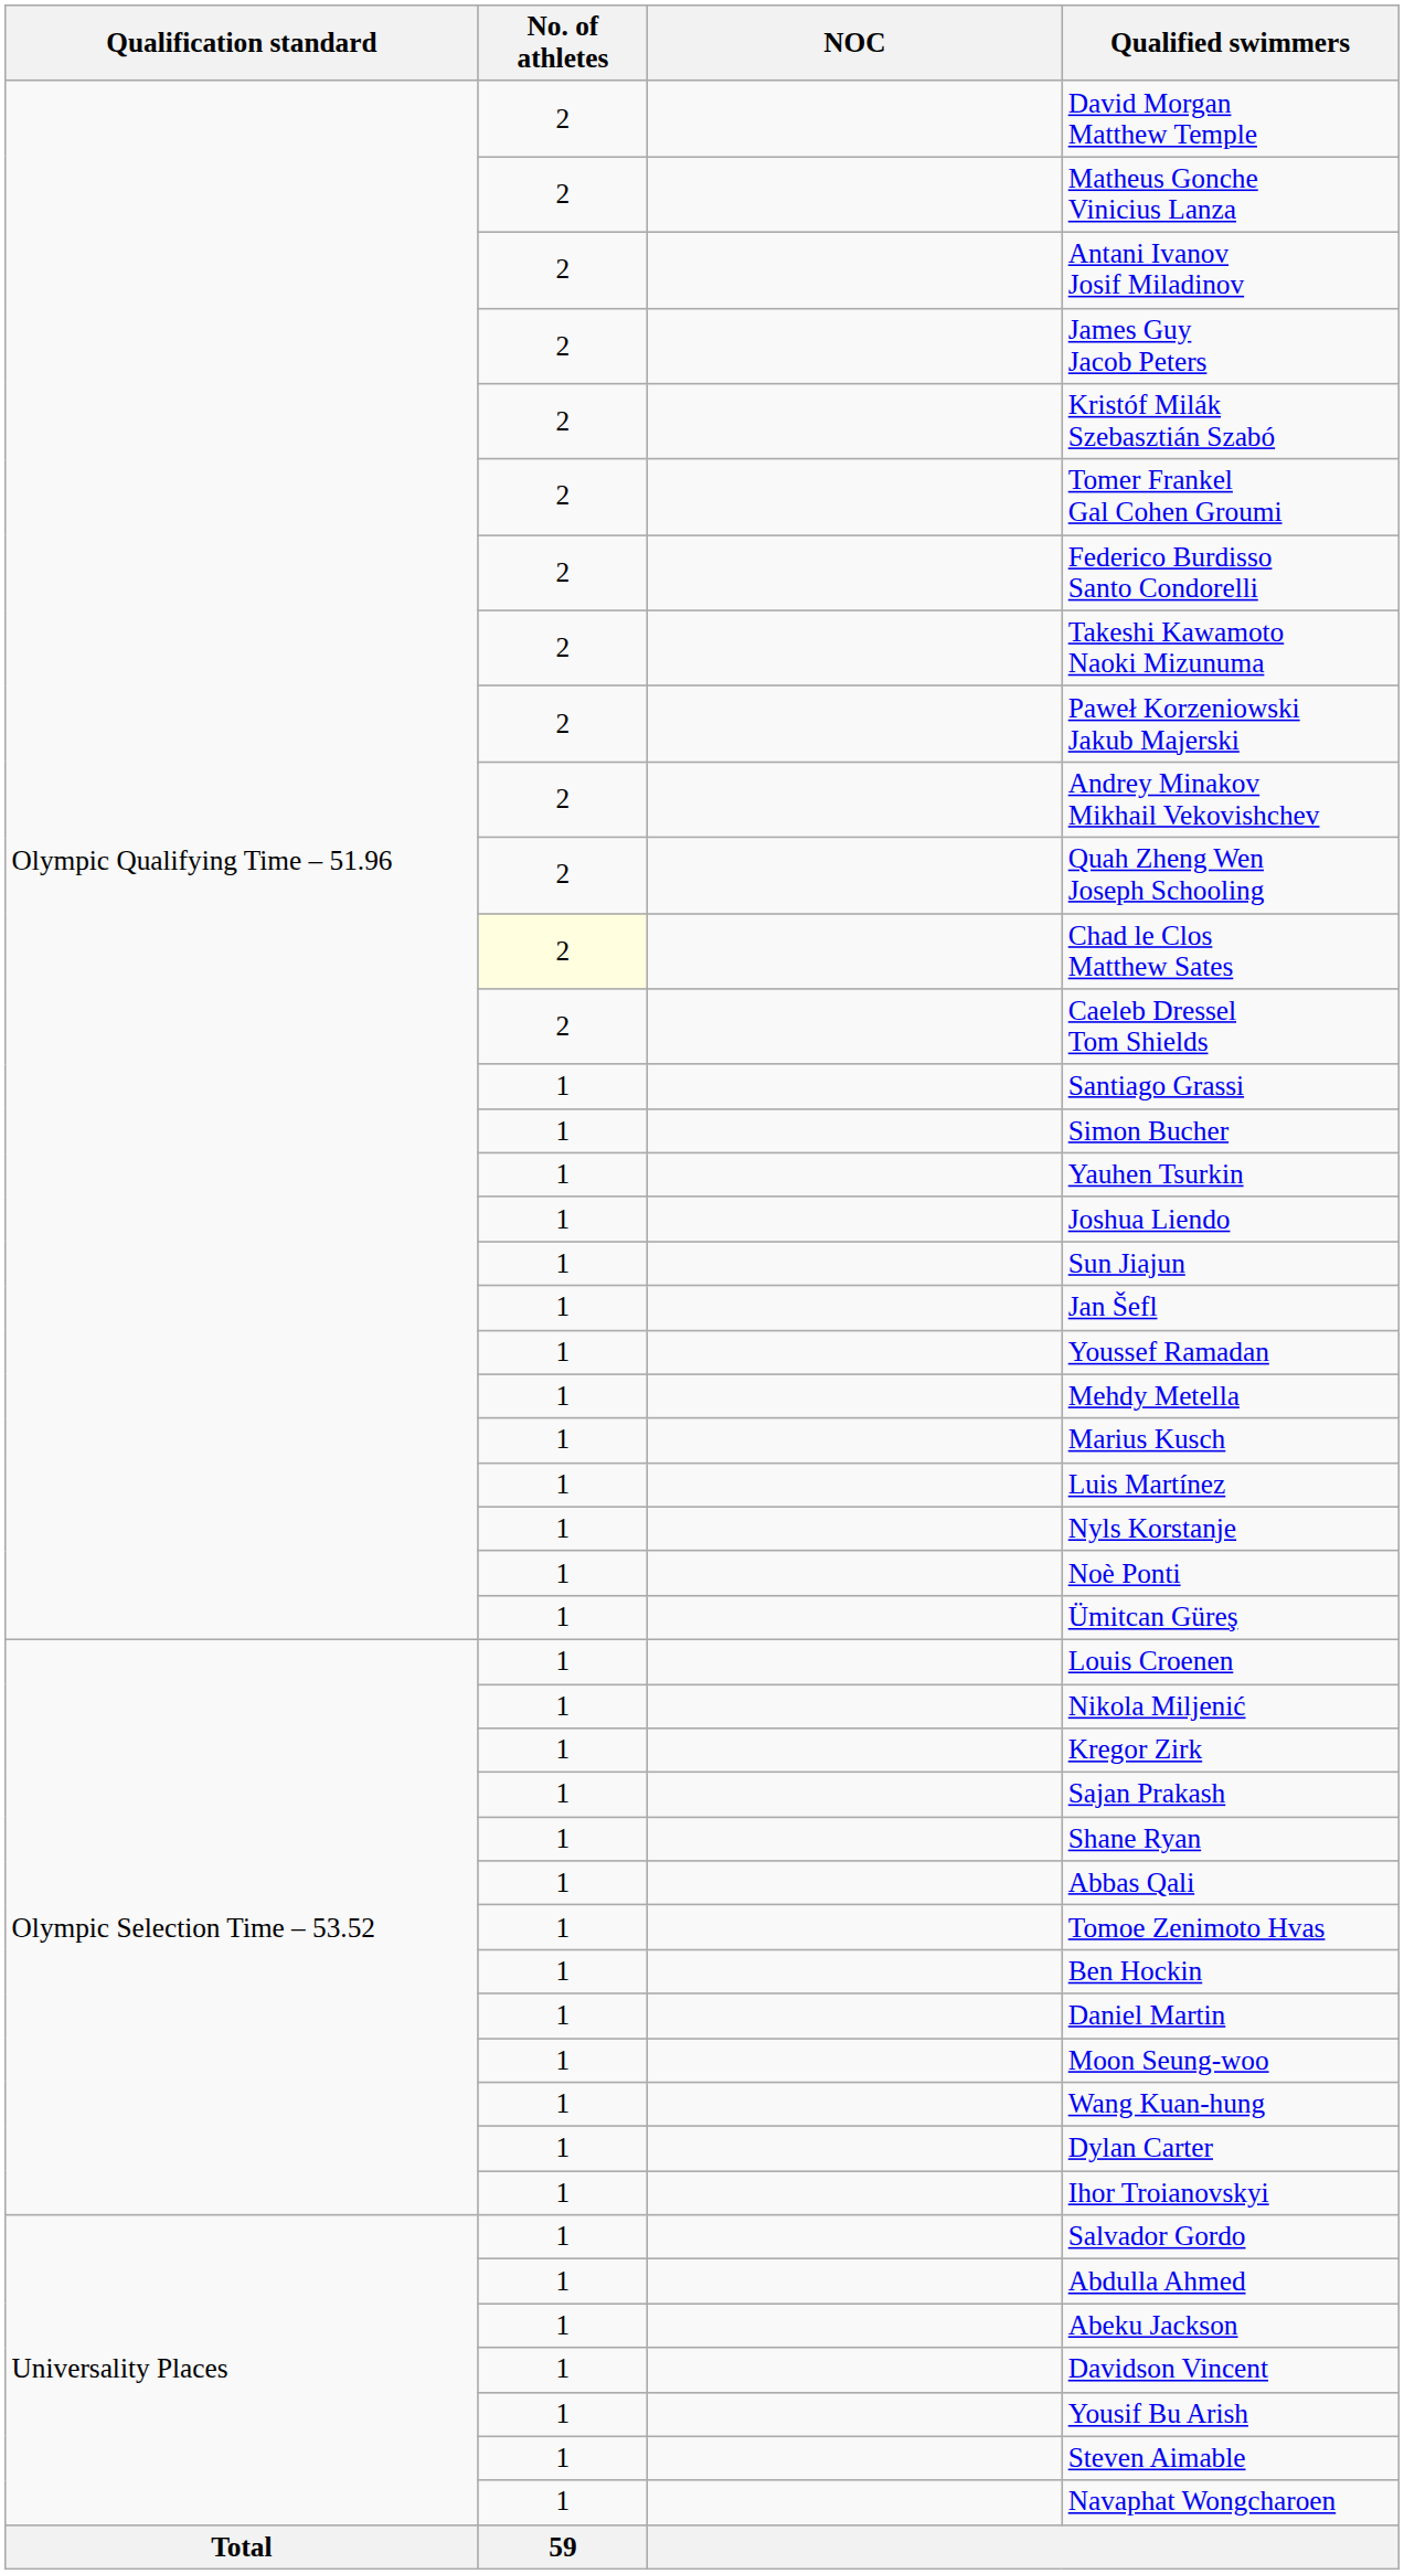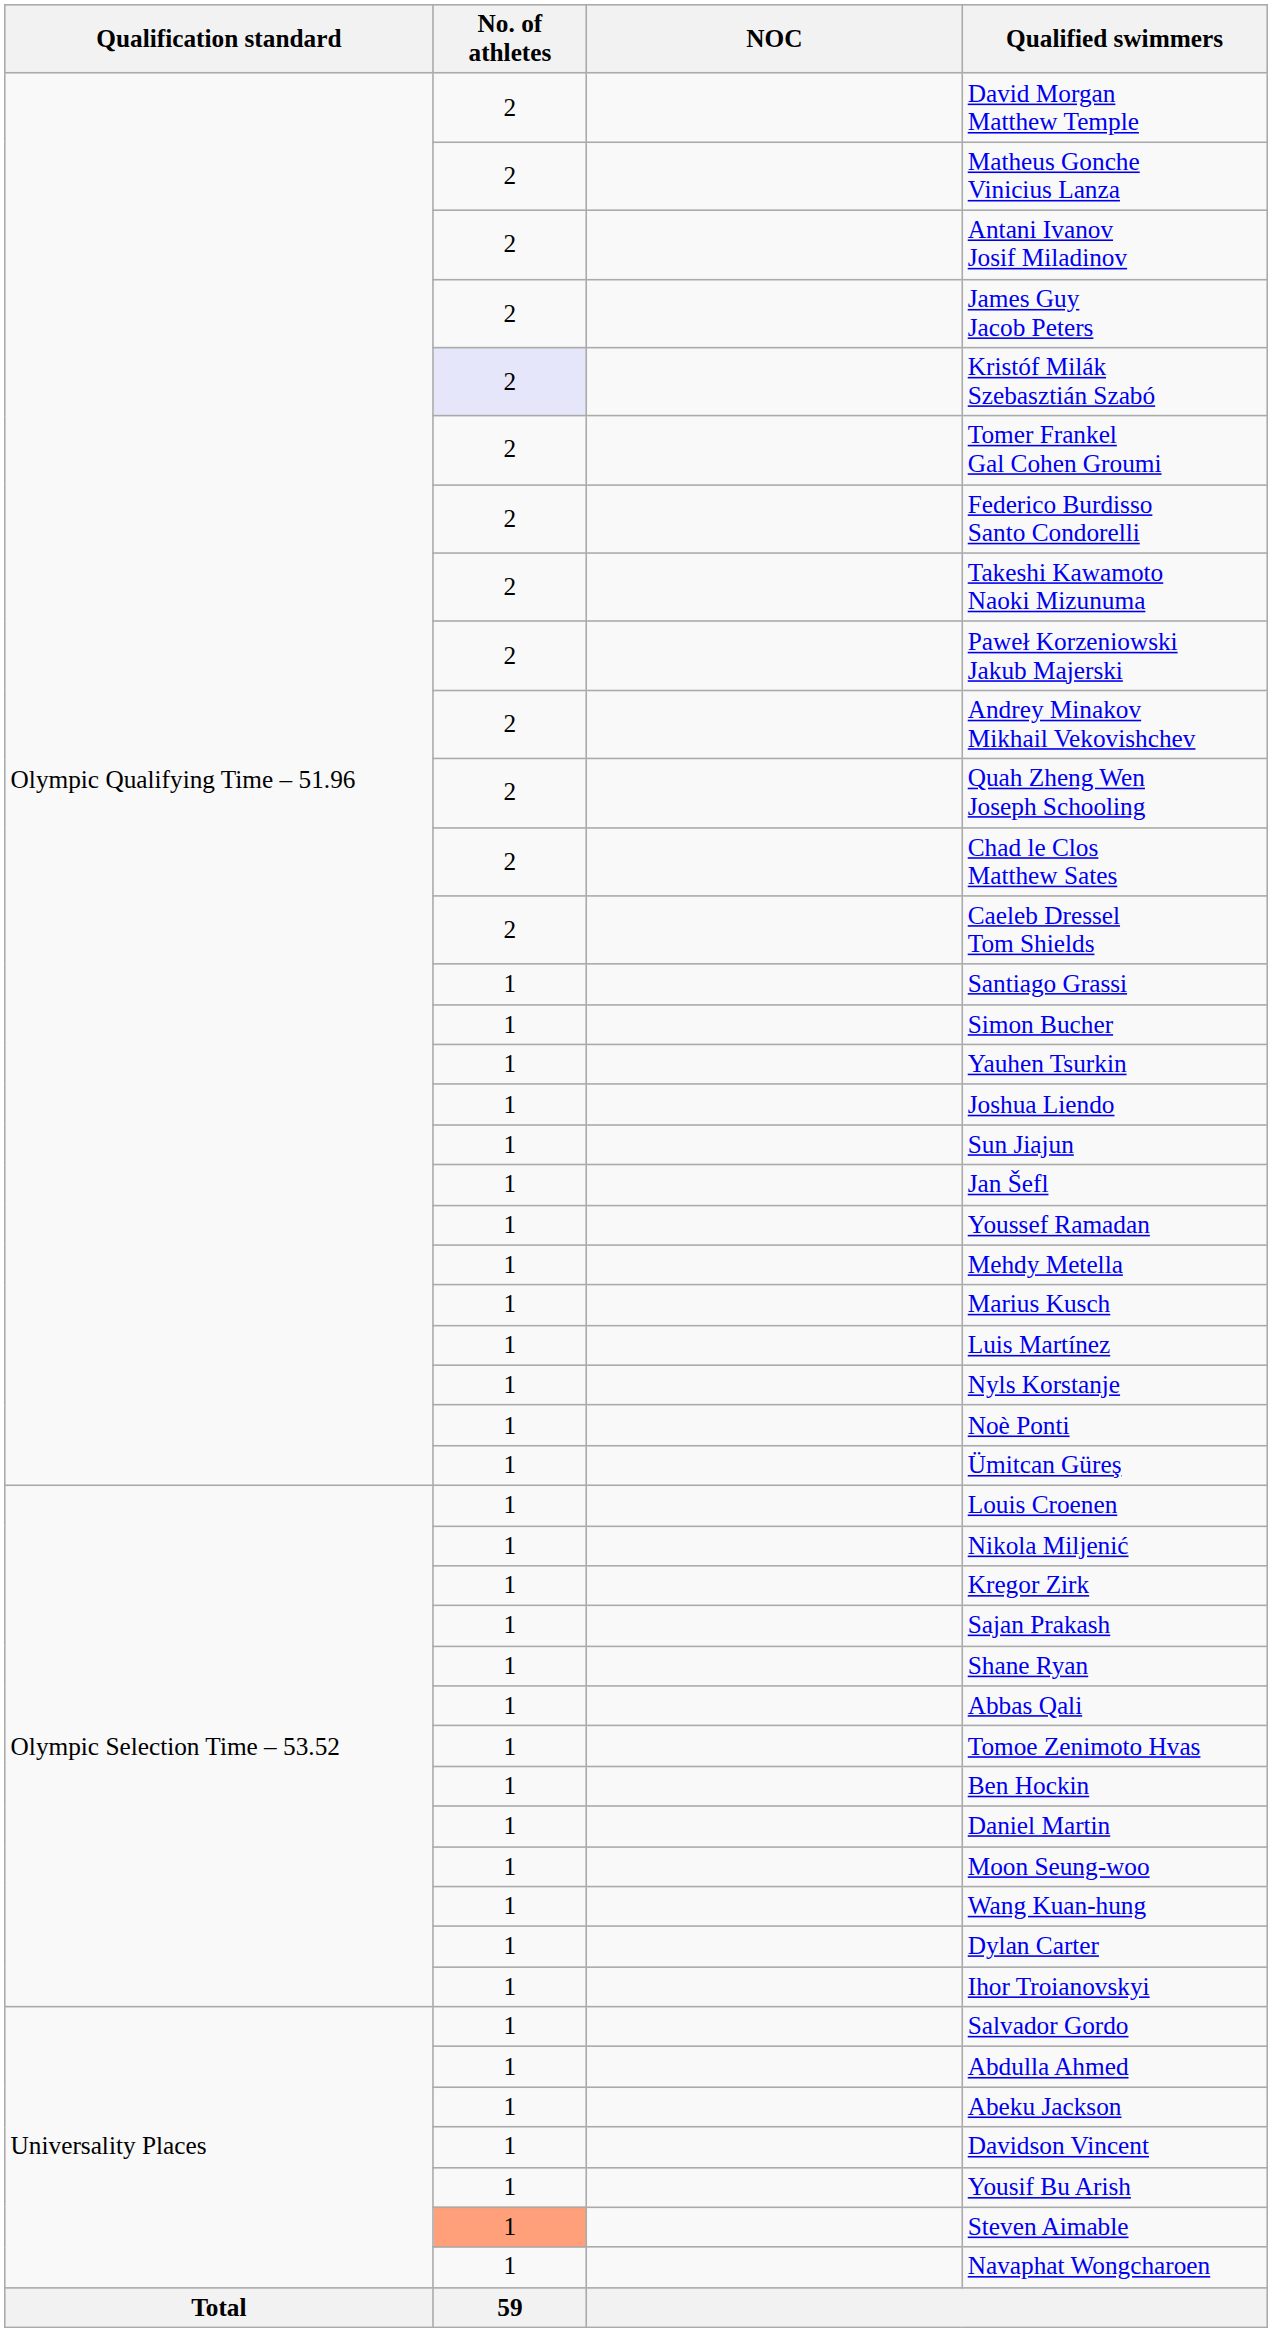 <table class=wikitable style="text-align:left" width=800>
 <tr>
 <th>Qualification standard</th>
 <th width=90>No. of athletes</th>
 <th width=230>NOC</th>
 <th>Qualified swimmers</th>
 </tr>
 <tr>
 <td rowspan=26>Olympic Qualifying Time – 51.96</td>
 <td align=center>2</td>
 <td></td>
 <td><a href='#'>David Morgan</a><br><a href='#'>Matthew Temple</a></td>
 </tr>
 <tr>
 <td align="center">2</td>
 <td></td>
 <td><a href='#'>Matheus Gonche</a><br><a href='#'>Vinicius Lanza</a></td>
 </tr>
 <tr>
 <td align=center>2</td>
 <td></td>
 <td><a href='#'>Antani Ivanov</a><br><a href='#'>Josif Miladinov</a></td>
 </tr>
 <tr>
 <td align=center>2</td>
 <td></td>
 <td><a href='#'>James Guy</a><br><a href='#'>Jacob Peters</a></td>
 </tr>
 <tr>
-<td align=center>2</td>
+<td align=center style="background: lavender;">2</td>
 <td></td>
 <td><a href='#'>Kristóf Milák</a><br><a href='#'>Szebasztián Szabó</a></td>
 </tr>
 <tr>
 <td align=center>2</td>
 <td></td>
 <td><a href='#'>Tomer Frankel</a><br><a href='#'>Gal Cohen Groumi</a></td>
 </tr>
 <tr>
 <td align=center>2</td>
 <td></td>
 <td><a href='#'>Federico Burdisso</a><br><a href='#'>Santo Condorelli</a></td>
 </tr>
 <tr>
 <td align=center>2</td>
 <td></td>
 <td><a href='#'>Takeshi Kawamoto</a><br><a href='#'>Naoki Mizunuma</a></td>
 </tr>
 <tr>
 <td align=center>2</td>
 <td></td>
 <td><a href='#'>Paweł Korzeniowski</a><br><a href='#'>Jakub Majerski</a></td>
 </tr>
 <tr>
 <td align=center>2</td>
 <td></td>
 <td><a href='#'>Andrey Minakov</a><br><a href='#'>Mikhail Vekovishchev</a></td>
 </tr>
 <tr>
 <td align=center>2</td>
 <td></td>
 <td><a href='#'>Quah Zheng Wen</a><br><a href='#'>Joseph Schooling</a></td>
 </tr>
 <tr>
-<td align=center style="background: lightyellow;">2</td>
+<td align=center>2</td>
 <td></td>
 <td><a href='#'>Chad le Clos</a><br><a href='#'>Matthew Sates</a></td>
 </tr>
 <tr>
 <td align=center>2</td>
 <td></td>
 <td><a href='#'>Caeleb Dressel</a><br><a href='#'>Tom Shields</a></td>
 </tr>
 <tr>
 <td align=center>1</td>
 <td></td>
 <td><a href='#'>Santiago Grassi</a></td>
 </tr>
 <tr>
 <td align=center>1</td>
 <td></td>
 <td><a href='#'>Simon Bucher</a></td>
 </tr>
 <tr>
 <td align=center>1</td>
 <td></td>
 <td><a href='#'>Yauhen Tsurkin</a></td>
 </tr>
 <tr>
 <td align=center>1</td>
 <td></td>
 <td><a href='#'>Joshua Liendo</a></td>
 </tr>
 <tr>
 <td align="center">1</td>
 <td></td>
 <td><a href='#'>Sun Jiajun</a></td>
 </tr>
 <tr>
 <td align=center>1</td>
 <td></td>
 <td><a href='#'>Jan Šefl</a></td>
 </tr>
 <tr>
 <td align=center>1</td>
 <td></td>
 <td><a href='#'>Youssef Ramadan</a></td>
 </tr>
 <tr>
 <td align=center>1</td>
 <td></td>
 <td><a href='#'>Mehdy Metella</a></td>
 </tr>
 <tr>
 <td align=center>1</td>
 <td></td>
 <td><a href='#'>Marius Kusch</a></td>
 </tr>
 <tr>
 <td align=center>1</td>
 <td></td>
 <td><a href='#'>Luis Martínez</a></td>
 </tr>
 <tr>
 <td align=center>1</td>
 <td></td>
 <td><a href='#'>Nyls Korstanje</a></td>
 </tr>
 <tr>
 <td align=center>1</td>
 <td></td>
 <td><a href='#'>Noè Ponti</a></td>
 </tr>
 <tr>
 <td align=center>1</td>
 <td></td>
 <td><a href='#'>Ümitcan Güreş</a></td>
 </tr>
 <tr>
 <td rowspan=13>Olympic Selection Time – 53.52</td>
 <td align=center>1</td>
 <td></td>
 <td><a href='#'>Louis Croenen</a></td>
 </tr>
 <tr>
 <td align=center>1</td>
 <td></td>
 <td><a href='#'>Nikola Miljenić</a></td>
 </tr>
 <tr>
 <td align=center>1</td>
 <td></td>
 <td><a href='#'>Kregor Zirk</a></td>
 </tr>
 <tr>
 <td align=center>1</td>
 <td></td>
 <td><a href='#'>Sajan Prakash</a></td>
 </tr>
 <tr>
 <td align=center>1</td>
 <td></td>
 <td><a href='#'>Shane Ryan</a></td>
 </tr>
 <tr>
 <td align=center>1</td>
 <td></td>
 <td><a href='#'>Abbas Qali</a></td>
 </tr>
 <tr>
 <td align=center>1</td>
 <td></td>
 <td><a href='#'>Tomoe Zenimoto Hvas</a></td>
 </tr>
 <tr>
 <td align=center>1</td>
 <td></td>
 <td><a href='#'>Ben Hockin</a></td>
 </tr>
 <tr>
 <td align=center>1</td>
 <td></td>
 <td><a href='#'>Daniel Martin</a></td>
 </tr>
 <tr>
 <td align=center>1</td>
 <td></td>
 <td><a href='#'>Moon Seung-woo</a></td>
 </tr>
 <tr>
 <td align=center>1</td>
 <td></td>
 <td><a href='#'>Wang Kuan-hung</a></td>
 </tr>
 <tr>
 <td align=center>1</td>
 <td></td>
 <td><a href='#'>Dylan Carter</a></td>
 </tr>
 <tr>
 <td align=center>1</td>
 <td></td>
 <td><a href='#'>Ihor Troianovskyi</a></td>
 </tr>
 <tr>
 <td rowspan=7>Universality Places</td>
 <td align=center>1</td>
 <td></td>
 <td><a href='#'>Salvador Gordo</a></td>
 </tr>
 <tr>
 <td align=center>1</td>
 <td></td>
 <td><a href='#'>Abdulla Ahmed</a></td>
 </tr>
 <tr>
 <td align=center>1</td>
 <td></td>
 <td><a href='#'>Abeku Jackson</a></td>
 </tr>
 <tr>
 <td align=center>1</td>
 <td></td>
 <td><a href='#'>Davidson Vincent</a></td>
 </tr>
 <tr>
 <td align=center>1</td>
 <td></td>
 <td><a href='#'>Yousif Bu Arish</a></td>
 </tr>
 <tr>
-<td align=center>1</td>
+<td align=center style="background: lightsalmon;">1</td>
 <td></td>
 <td><a href='#'>Steven Aimable</a></td>
 </tr>
 <tr>
 <td align=center>1</td>
 <td></td>
 <td><a href='#'>Navaphat Wongcharoen</a></td>
 </tr>
 <tr>
 <th><strong>Total</strong></th>
 <th>59</th>
 <th colspan=2></th>
 </tr>
 </table>
